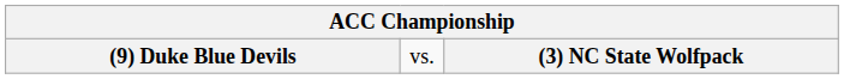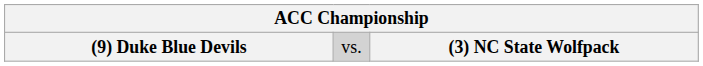 <table class="wikitable">
 <tr>
 <th style="width: 604px;" colspan=3>ACC Championship</th>
 </tr>
 <tr>
 <th style="width: 289px; ">(9) Duke Blue Devils</th>
-<td style="width: 25px; text-align:center">vs.</td>
+<td style="background: lightgrey; width: 25px; text-align:center">vs.</td>
 <th style="width: 289px; ">(3) NC State Wolfpack</th>
 </tr>
 </table>
